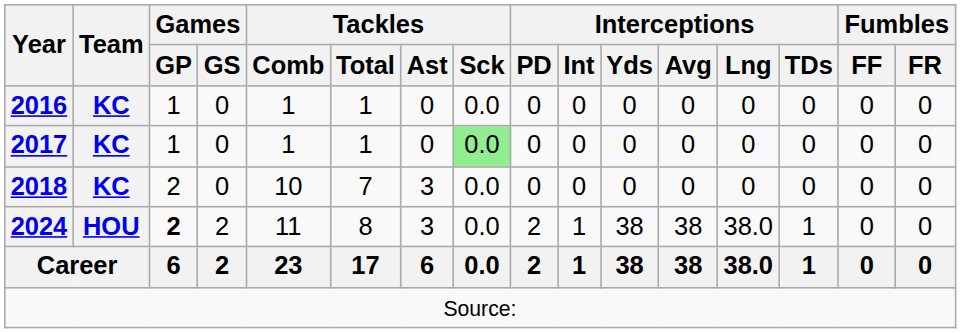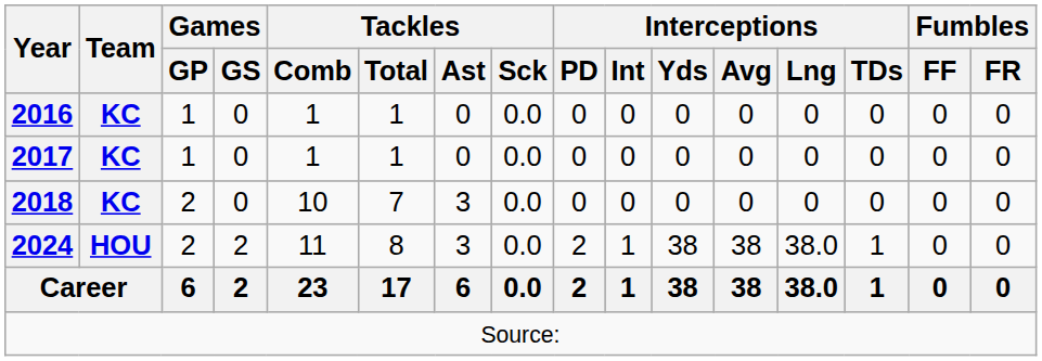 <table class="wikitable" style="text-align: center;">
 <tr>
 <th rowspan="2">Year</th>
 <th rowspan="2">Team</th>
 <th colspan="2">Games</th>
 <th colspan="4">Tackles</th>
 <th colspan="6">Interceptions</th>
 <th colspan="2">Fumbles</th>
 </tr>
 <tr>
 <th>GP</th>
 <th>GS</th>
 <th>Comb</th>
 <th>Total</th>
 <th>Ast</th>
 <th>Sck</th>
 <th>PD</th>
 <th>Int</th>
 <th>Yds</th>
 <th>Avg</th>
 <th>Lng</th>
 <th>TDs</th>
 <th>FF</th>
 <th>FR</th>
 </tr>
 <tr>
 <th><a href='#'>2016</a></th>
 <th><a href='#'>KC</a></th>
 <td>1</td>
 <td>0</td>
 <td>1</td>
 <td>1</td>
 <td>0</td>
 <td>0.0</td>
 <td>0</td>
 <td>0</td>
 <td>0</td>
 <td>0</td>
 <td>0</td>
 <td>0</td>
 <td>0</td>
 <td>0</td>
 </tr>
 <tr>
 <th><a href='#'>2017</a></th>
 <th><a href='#'>KC</a></th>
 <td>1</td>
 <td>0</td>
 <td>1</td>
 <td>1</td>
 <td>0</td>
-<td style="background: lightgreen;">0.0</td>
+<td>0.0</td>
 <td>0</td>
 <td>0</td>
 <td>0</td>
 <td>0</td>
 <td>0</td>
 <td>0</td>
 <td>0</td>
 <td>0</td>
 </tr>
 <tr>
 <th><a href='#'>2018</a></th>
 <th><a href='#'>KC</a></th>
 <td>2</td>
 <td>0</td>
 <td>10</td>
 <td>7</td>
 <td>3</td>
 <td>0.0</td>
 <td>0</td>
 <td>0</td>
 <td>0</td>
 <td>0</td>
 <td>0</td>
 <td>0</td>
 <td>0</td>
 <td>0</td>
 </tr>
 <tr>
 <th><a href='#'>2024</a></th>
 <th><a href='#'>HOU</a></th>
-<td><strong>2</strong></td>
+<td>2</td>
 <td>2</td>
 <td>11</td>
 <td>8</td>
 <td>3</td>
 <td>0.0</td>
 <td>2</td>
 <td>1</td>
 <td>38</td>
 <td>38</td>
 <td>38.0</td>
 <td>1</td>
 <td>0</td>
 <td>0</td>
 </tr>
 <tr>
 <th colspan="2">Career</th>
 <th>6</th>
 <th>2</th>
 <th>23</th>
 <th>17</th>
 <th>6</th>
 <th>0.0</th>
 <th>2</th>
 <th>1</th>
 <th>38</th>
 <th>38</th>
 <th>38.0</th>
 <th>1</th>
 <th>0</th>
 <th>0</th>
 </tr>
 <tr>
 <td colspan="18"><small>Source: </small></td>
 </tr>
 </table>
